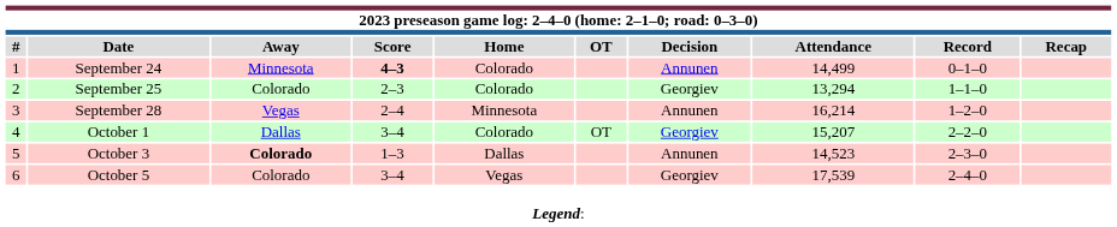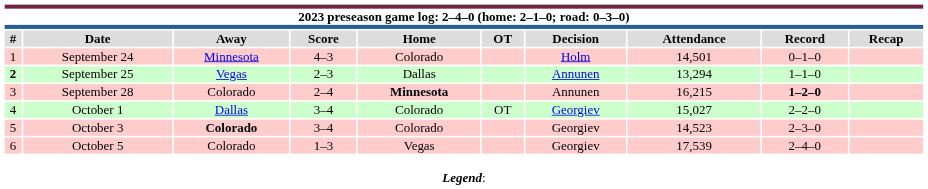 <table class="toccolours collapsible collapsed" style="width:90%; clear:both; margin:1.5em auto; text-align:center;">
 <tr>
 <th colspan=10 style="background:#FFFFFF; border-top:#6F263D 5px solid; border-bottom:#236192 5px solid;">2023 preseason game log: 2–4–0 (home: 2–1–0; road: 0–3–0)</th>
 </tr>
 <tr style="background:#ddd;">
 <th>#</th>
 <th>Date</th>
 <th>Away</th>
 <th>Score</th>
 <th>Home</th>
 <th>OT</th>
 <th>Decision</th>
 <th>Attendance</th>
 <th>Record</th>
 <th>Recap</th>
 </tr>
 <tr style="background:#fcc;">
 <td>1</td>
 <td>September 24</td>
 <td><a href='#'>Minnesota</a></td>
-<td><strong>4–3</strong></td>
+<td>4–3</td>
 <td>Colorado</td>
 <td></td>
-<td><a href='#'>Annunen</a></td>
-<td>14,499</td>
+<td><a href='#'>Holm</a></td>
+<td>14,501</td>
 <td>0–1–0</td>
 <td></td>
 </tr>
 <tr style="background:#cfc;">
-<td>2</td>
+<td><strong>2</strong></td>
 <td>September 25</td>
-<td>Colorado</td>
+<td><a href='#'>Vegas</a></td>
 <td>2–3</td>
-<td>Colorado</td>
+<td>Dallas</td>
 <td></td>
-<td>Georgiev</td>
+<td><a href='#'>Annunen</a></td>
 <td>13,294</td>
 <td>1–1–0</td>
 <td></td>
 </tr>
 <tr style="background:#fcc;">
 <td>3</td>
 <td>September 28</td>
-<td><a href='#'>Vegas</a></td>
+<td>Colorado</td>
 <td>2–4</td>
-<td>Minnesota</td>
+<td><strong>Minnesota</strong></td>
 <td></td>
 <td>Annunen</td>
-<td>16,214</td>
-<td>1–2–0</td>
+<td>16,215</td>
+<td><strong>1–2–0</strong></td>
 <td></td>
 </tr>
 <tr style="background:#cfc;">
 <td>4</td>
 <td>October 1</td>
 <td><a href='#'>Dallas</a></td>
 <td>3–4</td>
 <td>Colorado</td>
 <td>OT</td>
 <td><a href='#'>Georgiev</a></td>
-<td>15,207</td>
+<td>15,027</td>
 <td>2–2–0</td>
 <td></td>
 </tr>
 <tr style="background:#fcc;">
 <td>5</td>
 <td>October 3</td>
 <td><strong>Colorado</strong></td>
-<td>1–3</td>
-<td>Dallas</td>
+<td>3–4</td>
+<td>Colorado</td>
 <td></td>
-<td>Annunen</td>
+<td>Georgiev</td>
 <td>14,523</td>
 <td>2–3–0</td>
 <td></td>
 </tr>
 <tr style="background:#fcc;">
 <td>6</td>
 <td>October 5</td>
 <td>Colorado</td>
-<td>3–4</td>
+<td>1–3</td>
 <td>Vegas</td>
 <td></td>
 <td>Georgiev</td>
 <td>17,539</td>
 <td>2–4–0</td>
 <td></td>
 </tr>
 <tr>
 <td colspan="11" style="text-align:center;"><br><strong><em>Legend</em></strong>:   </td>
 </tr>
 </table>
